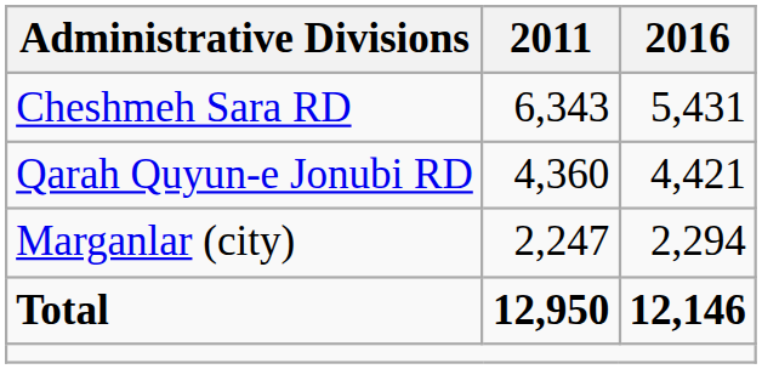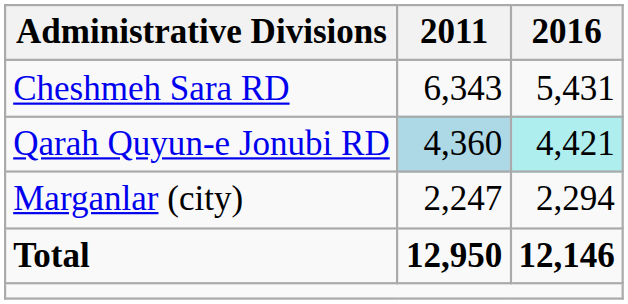 <table class="wikitable">
 <tr>
 <th>Administrative Divisions</th>
 <th>2011</th>
 <th>2016</th>
 </tr>
 <tr>
 <td><a href='#'>Cheshmeh Sara RD</a></td>
 <td style="text-align: right;">6,343</td>
 <td style="text-align: right;">5,431</td>
 </tr>
 <tr>
 <td><a href='#'>Qarah Quyun-e Jonubi RD</a></td>
-<td style="text-align: right;">4,360</td>
-<td style="text-align: right;">4,421</td>
+<td style="background: lightblue; text-align: right;">4,360</td>
+<td style="background: paleturquoise; text-align: right;">4,421</td>
 </tr>
 <tr>
 <td><a href='#'>Marganlar</a> (city)</td>
 <td style="text-align: right;">2,247</td>
 <td style="text-align: right;">2,294</td>
 </tr>
 <tr>
 <td><strong>Total</strong></td>
 <td style="text-align: right;"><strong>12,950</strong></td>
 <td style="text-align: right;"><strong>12,146</strong></td>
 </tr>
 <tr>
 <td colspan=3></td>
 </tr>
 </table>
